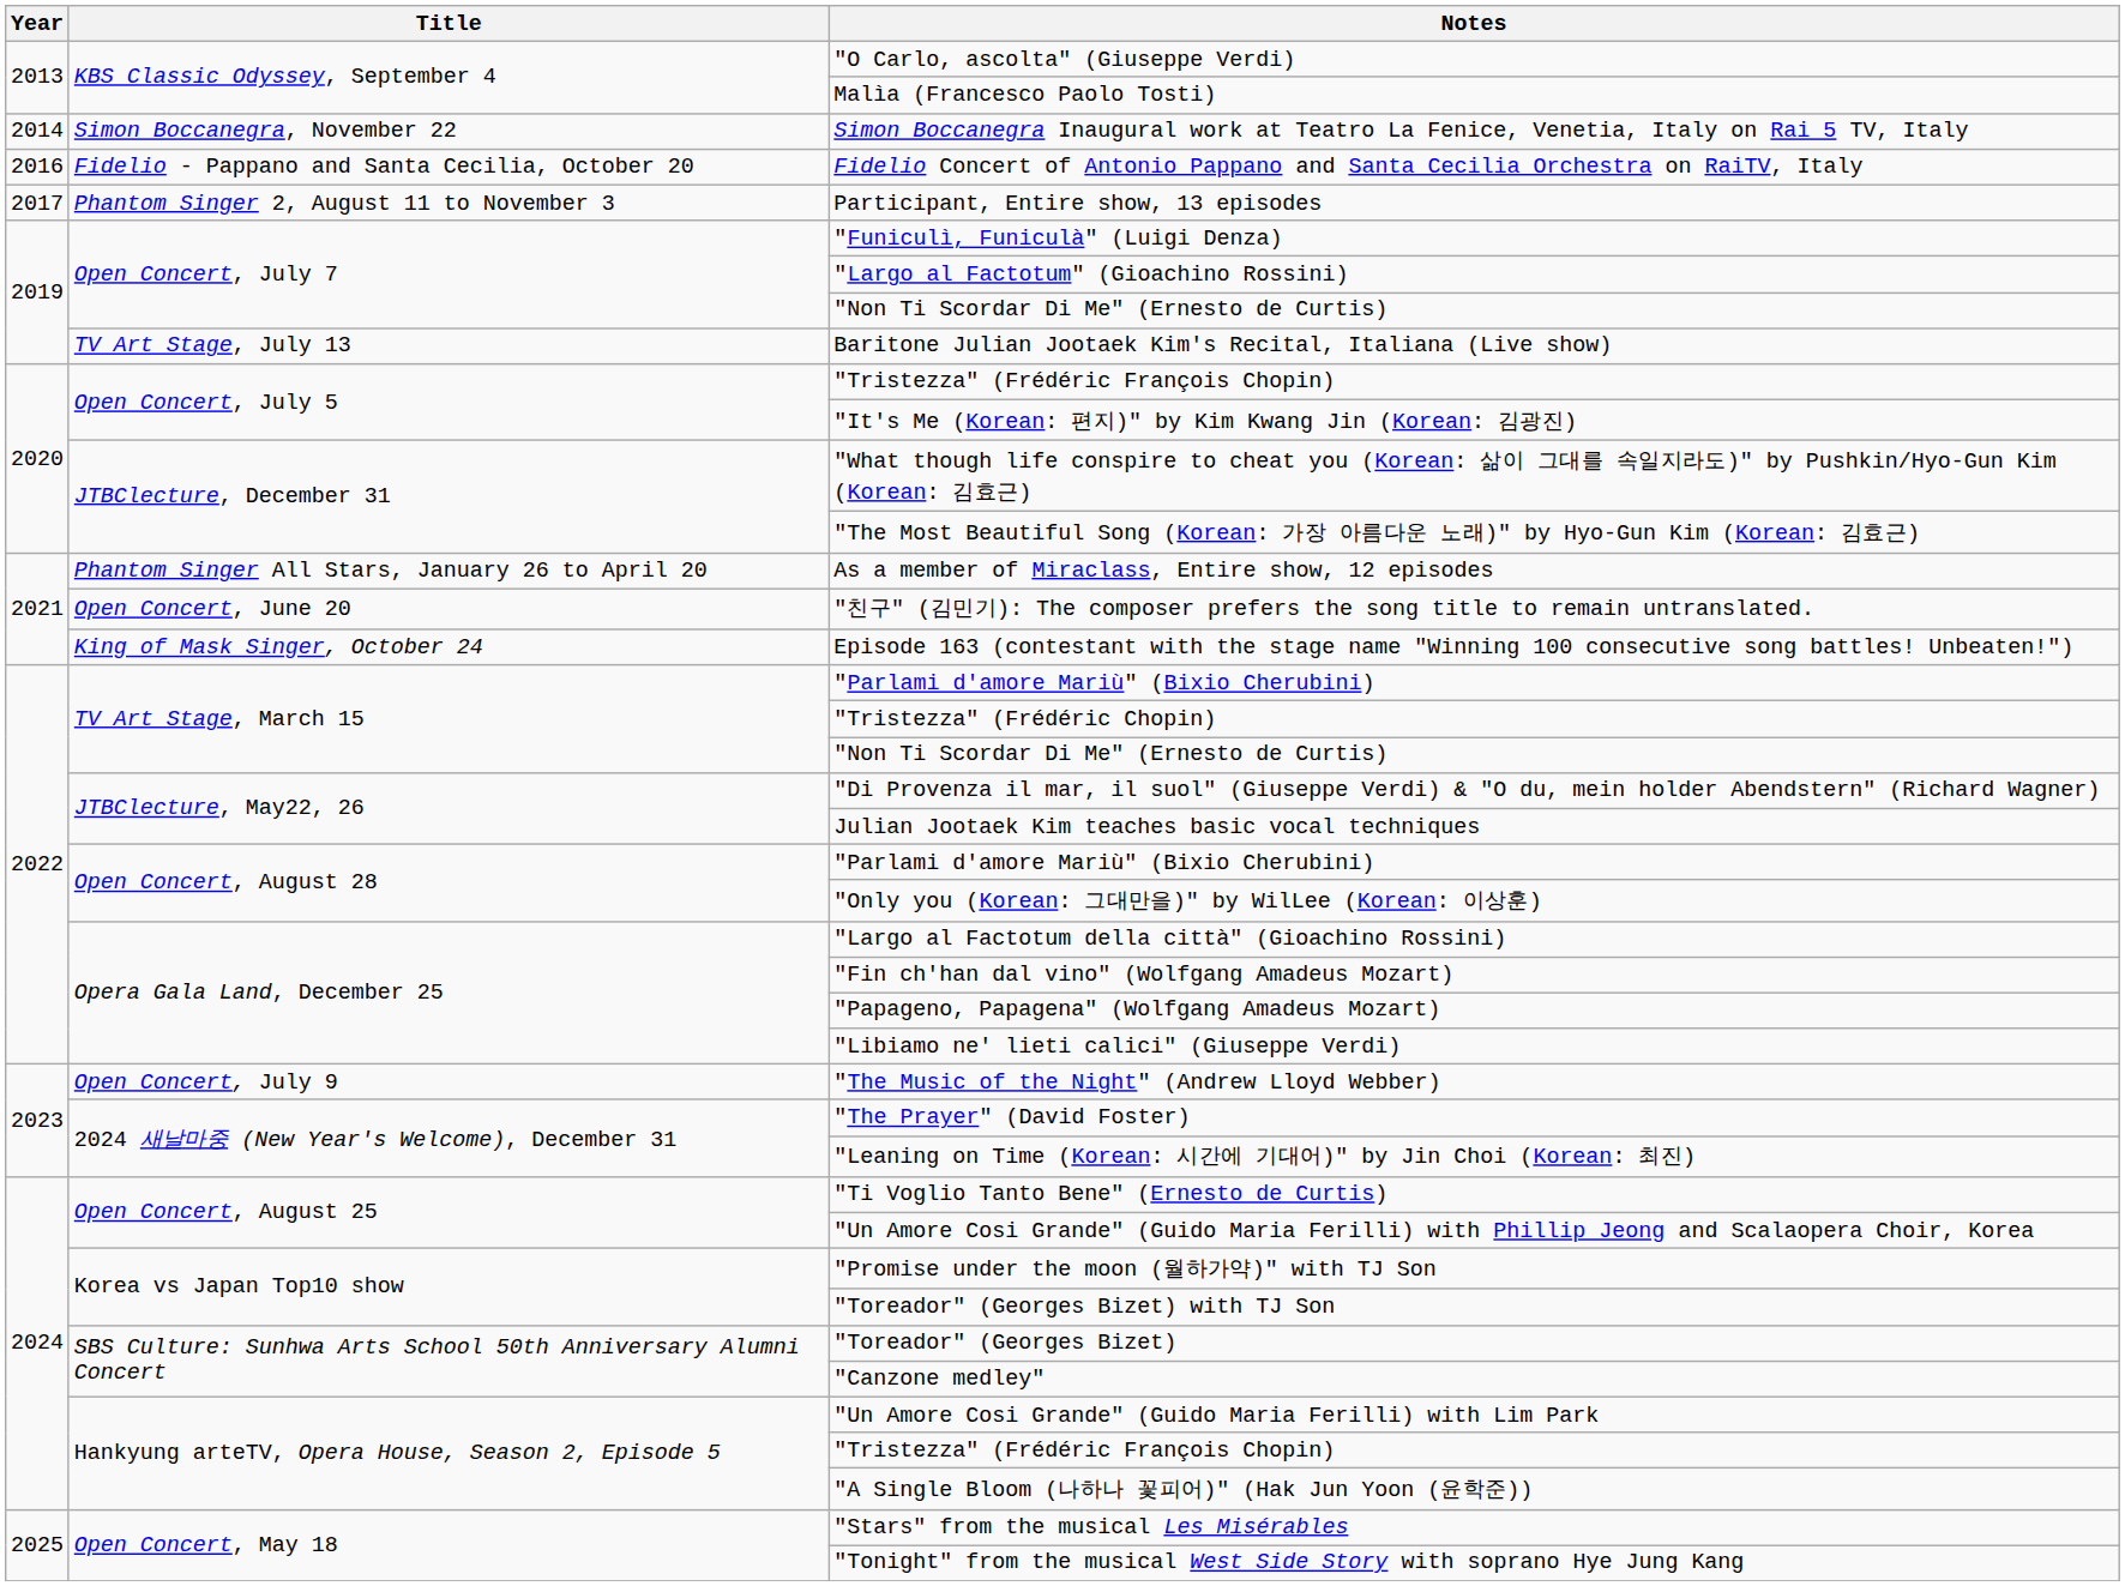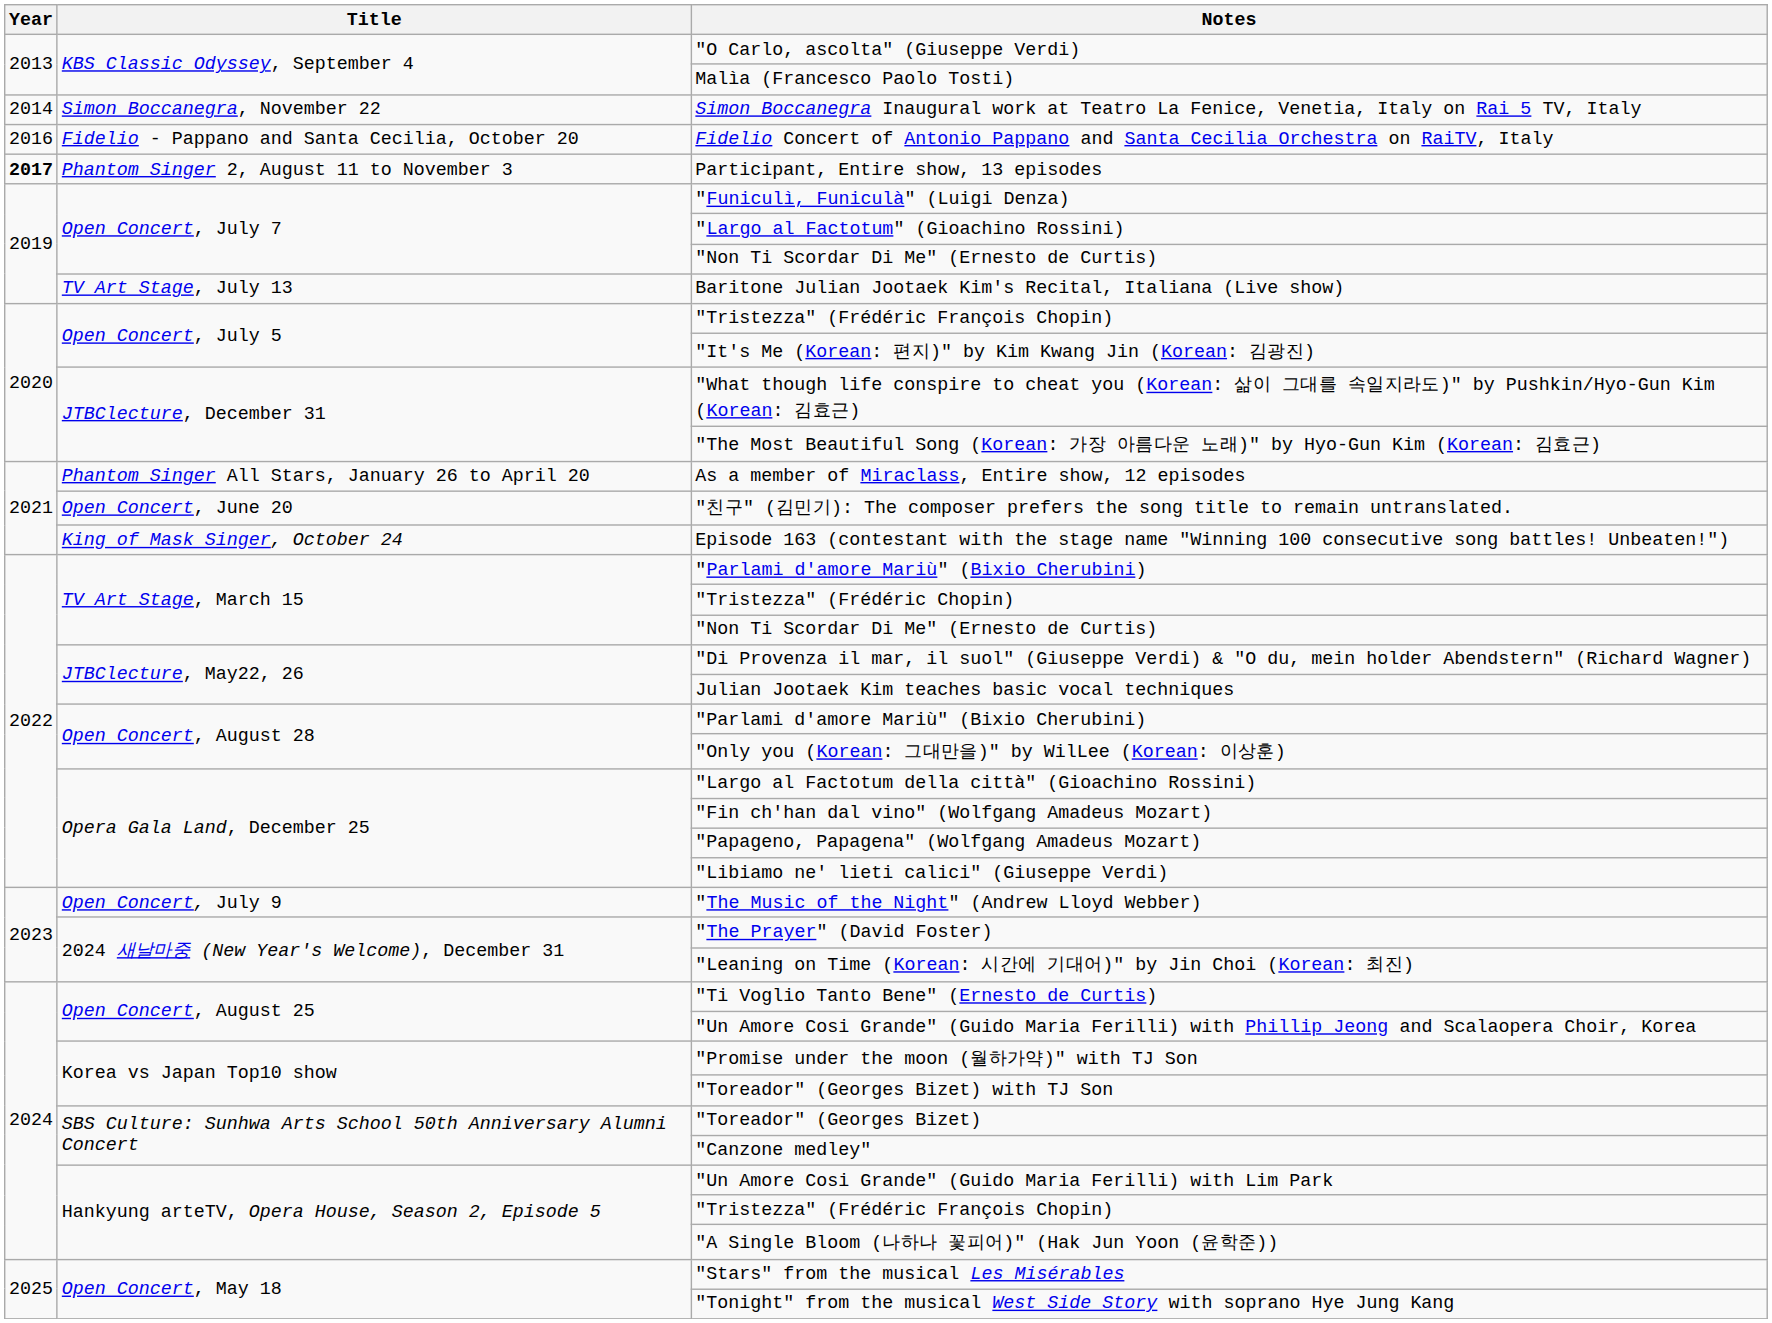 <table class="wikitable">
 <tr>
 <th><strong>Year</strong></th>
 <th><strong>Title</strong></th>
 <th><strong>Notes</strong></th>
 </tr>
 <tr>
 <td rowspan="2">2013</td>
 <td rowspan="2"><a href='#'><em>KBS Classic Odyssey</em></a>, September 4</td>
 <td>"O Carlo, ascolta" (Giuseppe Verdi)</td>
 </tr>
 <tr>
 <td>Malìa (Francesco Paolo Tosti)</td>
 </tr>
 <tr>
 <td>2014</td>
 <td><em><a href='#'>Simon Boccanegra</a></em>, November 22</td>
 <td><em><a href='#'>Simon Boccanegra</a></em> Inaugural work at Teatro La Fenice, Venetia, Italy on <a href='#'>Rai 5</a> TV, Italy</td>
 </tr>
 <tr>
 <td>2016</td>
 <td><em><a href='#'>Fidelio</a></em> - Pappano and Santa Cecilia, October 20</td>
 <td><em><a href='#'>Fidelio</a></em> Concert of <a href='#'>Antonio Pappano</a> and <a href='#'>Santa Cecilia Orchestra</a> on <a href='#'>RaiTV</a>, Italy</td>
 </tr>
 <tr>
-<td>2017</td>
+<td><strong>2017</strong></td>
 <td><em><a href='#'>Phantom Singer</a></em> 2, August 11 to November 3</td>
 <td>Participant, Entire show, 13 episodes</td>
 </tr>
 <tr>
 <td rowspan="4">2019</td>
 <td rowspan="3"><a href='#'><em>Open Concert</em></a>, July 7</td>
 <td>"<a href='#'>Funiculì, Funiculà</a>" (Luigi Denza)</td>
 </tr>
 <tr>
 <td>"<a href='#'>Largo al Factotum</a>" (Gioachino Rossini)</td>
 </tr>
 <tr>
 <td>"Non Ti Scordar Di Me" (Ernesto de Curtis)</td>
 </tr>
 <tr>
 <td><a href='#'><em>TV Art Stage</em></a>, July 13</td>
 <td>Baritone Julian Jootaek Kim's Recital, Italiana (Live show)</td>
 </tr>
 <tr>
 <td rowspan="4">2020</td>
 <td rowspan="2"><a href='#'><em>Open Concert</em></a>, July 5</td>
 <td>"Tristezza" (Frédéric François Chopin)</td>
 </tr>
 <tr>
 <td>"It's Me (<a href='#'>Korean</a>: 편지)" by Kim Kwang Jin (<a href='#'>Korean</a>: 김광진)</td>
 </tr>
 <tr>
 <td rowspan="2"><a href='#'><em>JTBClecture</em></a>, December 31</td>
 <td>"What though life conspire to cheat you (<a href='#'>Korean</a>: 삶이 그대를 속일지라도)" by Pushkin/Hyo-Gun Kim (<a href='#'>Korean</a>: 김효근)</td>
 </tr>
 <tr>
 <td>"The Most Beautiful Song (<a href='#'>Korean</a>: 가장 아름다운 노래)" by Hyo-Gun Kim (<a href='#'>Korean</a>: 김효근)</td>
 </tr>
 <tr>
 <td rowspan="3">2021</td>
 <td><em><a href='#'>Phantom Singer</a></em> All Stars, January 26 to April 20</td>
 <td>As a member of <a href='#'>Miraclass</a>, Entire show, 12 episodes</td>
 </tr>
 <tr>
 <td><a href='#'><em>Open Concert</em></a>, June 20</td>
 <td>"친구" (김민기): The composer prefers the song title to remain untranslated.</td>
 </tr>
 <tr>
 <td><em><a href='#'>King of Mask Singer</a>, October 24</em></td>
 <td>Episode 163 (contestant with the stage name "Winning 100 consecutive song battles! Unbeaten!")</td>
 </tr>
 <tr>
 <td rowspan="11">2022</td>
 <td rowspan="3"><a href='#'><em>TV Art Stage</em></a>, March 15</td>
 <td>"<a href='#'>Parlami d'amore Mariù</a>" (<a href='#'>Bixio Cherubini</a>)</td>
 </tr>
 <tr>
 <td>"Tristezza" (Frédéric Chopin)</td>
 </tr>
 <tr>
 <td>"Non Ti Scordar Di Me" (Ernesto de Curtis)</td>
 </tr>
 <tr>
 <td rowspan="2"><a href='#'><em>JTBClecture</em></a>, May22, 26</td>
 <td>"Di Provenza il mar, il suol" (Giuseppe Verdi) & "O du, mein holder Abendstern" (Richard Wagner)</td>
 </tr>
 <tr>
 <td>Julian Jootaek Kim teaches basic vocal techniques</td>
 </tr>
 <tr>
 <td rowspan="2"><a href='#'><em>Open Concert</em></a>, August 28</td>
 <td>"Parlami d'amore Mariù" (Bixio Cherubini)</td>
 </tr>
 <tr>
 <td>"Only you (<a href='#'>Korean</a>: 그대만을)" by WilLee (<a href='#'>Korean</a>: 이상훈)</td>
 </tr>
 <tr>
 <td rowspan="4"><em>Opera Gala Land</em>, December 25</td>
 <td>"Largo al Factotum della città" (Gioachino Rossini)</td>
 </tr>
 <tr>
 <td>"Fin ch'han dal vino" (Wolfgang Amadeus Mozart)</td>
 </tr>
 <tr>
 <td>"Papageno, Papagena" (Wolfgang Amadeus Mozart)</td>
 </tr>
 <tr>
 <td>"Libiamo ne' lieti calici" (Giuseppe Verdi)</td>
 </tr>
 <tr>
 <td rowspan="3">2023</td>
 <td><em><a href='#'>Open Concert</a>,</em> July 9</td>
 <td>"<a href='#'>The Music of the Night</a>" (Andrew Lloyd Webber)</td>
 </tr>
 <tr>
 <td rowspan="2">2024 <a href='#'><em>새날마중</em></a> <em>(New Year's Welcome)</em>, December 31</td>
 <td>"<a href='#'>The Prayer</a>" (David Foster)</td>
 </tr>
 <tr>
 <td>"Leaning on Time (<a href='#'>Korean</a>: 시간에 기대어)" by Jin Choi (<a href='#'>Korean</a>: 최진)</td>
 </tr>
 <tr>
 <td rowspan="9">2024</td>
 <td rowspan="2"><a href='#'><em>Open Concert</em></a>, August 25</td>
 <td>"Ti Voglio Tanto Bene" (<a href='#'>Ernesto de Curtis</a>)</td>
 </tr>
 <tr>
 <td>"Un Amore Cosi Grande" (Guido Maria Ferilli) with <a href='#'>Phillip Jeong</a> and Scalaopera Choir, Korea</td>
 </tr>
 <tr>
 <td rowspan="2">Korea vs Japan Top10 show</td>
 <td>"Promise under the moon (월하가약)" with TJ Son</td>
 </tr>
 <tr>
 <td>"Toreador" (Georges Bizet) with TJ Son</td>
 </tr>
 <tr>
 <td rowspan="2"><em>SBS Culture: Sunhwa Arts School 50th Anniversary Alumni Concert</em></td>
 <td>"Toreador" (Georges Bizet)</td>
 </tr>
 <tr>
 <td>"Canzone medley"</td>
 </tr>
 <tr>
 <td rowspan="3">Hankyung arteTV, <em>Opera House, Season 2, Episode 5</em></td>
 <td>"Un Amore Cosi Grande" (Guido Maria Ferilli) with Lim Park</td>
 </tr>
 <tr>
 <td>"Tristezza" (Frédéric François Chopin)</td>
 </tr>
 <tr>
 <td>"A Single Bloom (나하나 꽃피어)" (Hak Jun Yoon (윤학준))</td>
 </tr>
 <tr>
 <td rowspan="2">2025</td>
 <td rowspan="2"><a href='#'><em>Open Concert</em></a>, May 18</td>
 <td>"Stars" from the musical <em><a href='#'>Les Misérables</a></em></td>
 </tr>
 <tr>
 <td>"Tonight" from the musical <em><a href='#'>West Side Story</a></em> with soprano Hye Jung Kang</td>
 </tr>
 </table>
